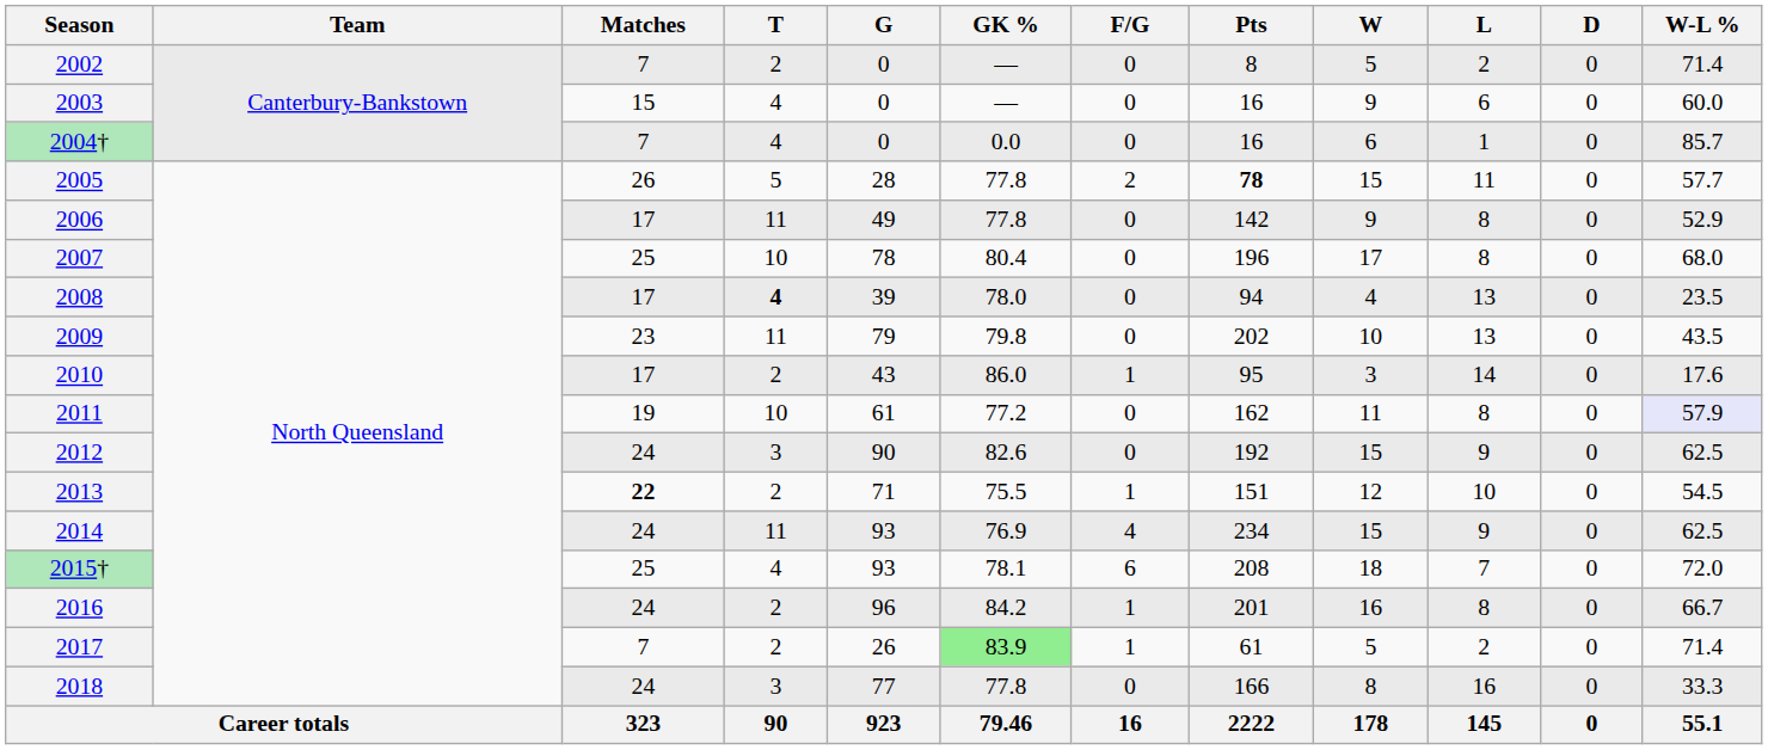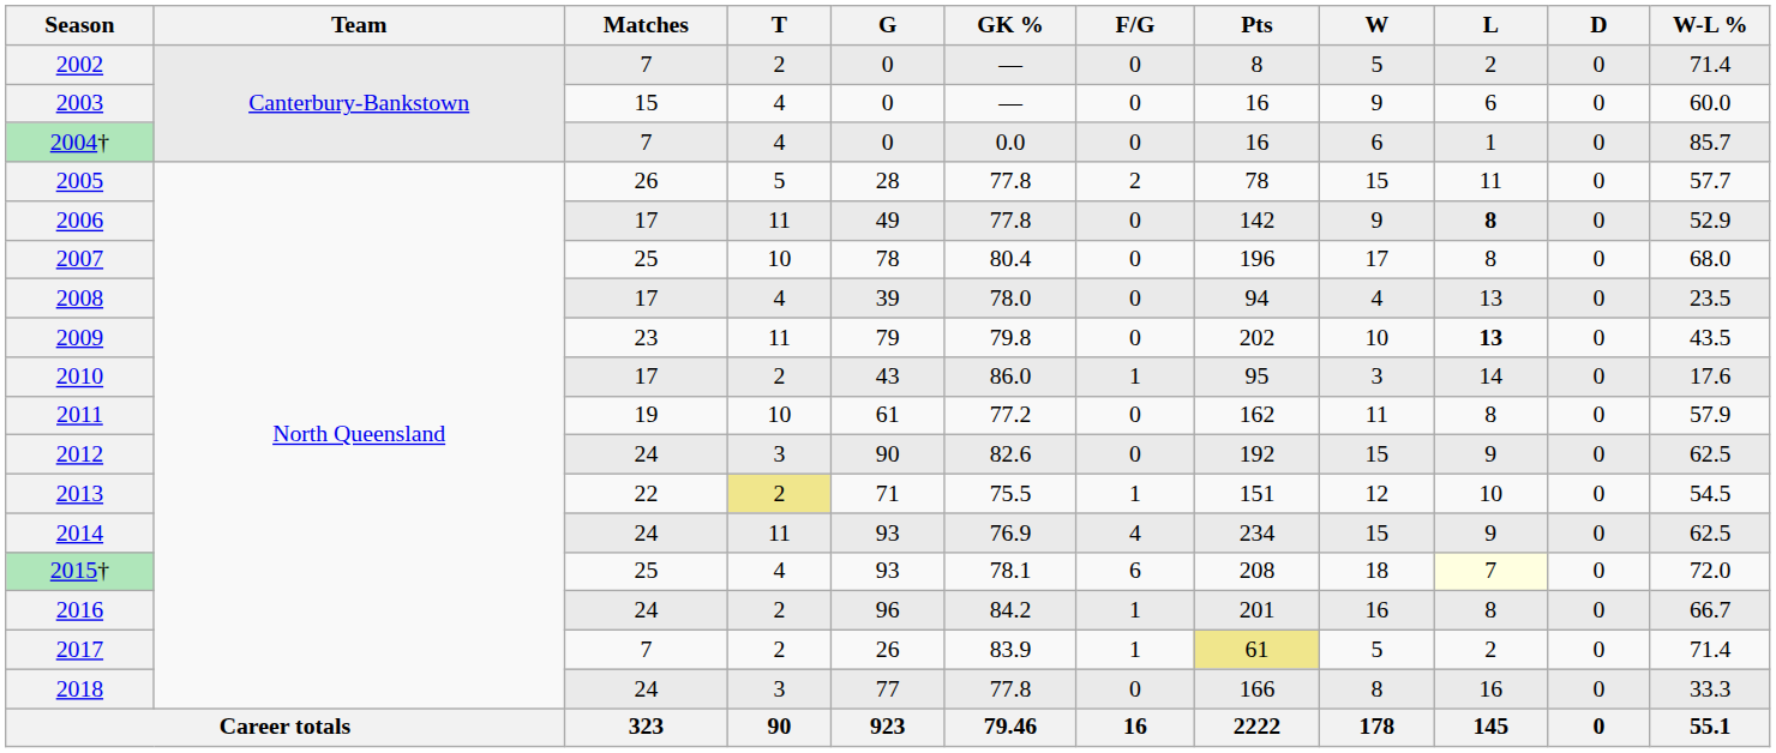 <table class="wikitable sortable"  style="font-size:90%; text-align:center; width:85%;">
 <tr>
 <th width=2%>Season</th>
 <th width=8%>Team</th>
 <th width=2%>Matches</th>
 <th width=2%>T</th>
 <th width=2%>G</th>
 <th width=2%>GK %</th>
 <th width=2%>F/G</th>
 <th width=2%>Pts</th>
 <th width=2%>W</th>
 <th width=2%>L</th>
 <th width=2%>D</th>
 <th width=2%>W-L %</th>
 </tr>
 <tr style="background:#eaeaea;">
 <th scope="row" style="text-align:center; font-weight:normal"><a href='#'>2002</a></th>
 <td rowspan="3" style="text-align:center;"> <a href='#'>Canterbury-Bankstown</a></td>
 <td>7</td>
 <td>2</td>
 <td>0</td>
 <td>—</td>
 <td>0</td>
 <td>8</td>
 <td>5</td>
 <td>2</td>
 <td>0</td>
 <td>71.4</td>
 </tr>
 <tr>
 <th scope="row" style="text-align:center; font-weight:normal"><a href='#'>2003</a></th>
 <td>15</td>
 <td>4</td>
 <td>0</td>
 <td>—</td>
 <td>0</td>
 <td>16</td>
 <td>9</td>
 <td>6</td>
 <td>0</td>
 <td>60.0</td>
 </tr>
 <tr style="background:#eaeaea;">
 <th scope="row" style="text-align:center; font-weight:normal; background:#afe6ba;"><a href='#'>2004</a>†</th>
 <td>7</td>
 <td>4</td>
 <td>0</td>
 <td>0.0</td>
 <td>0</td>
 <td>16</td>
 <td>6</td>
 <td>1</td>
 <td>0</td>
 <td>85.7</td>
 </tr>
 <tr>
 <th scope="row" style="text-align:center; font-weight:normal"><a href='#'>2005</a></th>
 <td rowspan="14" style="text-align:center;"> <a href='#'>North Queensland</a></td>
 <td>26</td>
 <td>5</td>
 <td>28</td>
 <td>77.8</td>
 <td>2</td>
-<td><strong>78</strong></td>
+<td>78</td>
 <td>15</td>
 <td>11</td>
 <td>0</td>
 <td>57.7</td>
 </tr>
 <tr style="background:#eaeaea;">
 <th scope="row" style="text-align:center; font-weight:normal"><a href='#'>2006</a></th>
 <td>17</td>
 <td>11</td>
 <td>49</td>
 <td>77.8</td>
 <td>0</td>
 <td>142</td>
 <td>9</td>
-<td>8</td>
+<td><strong>8</strong></td>
 <td>0</td>
 <td>52.9</td>
 </tr>
 <tr>
 <th scope="row" style="text-align:center; font-weight:normal"><a href='#'>2007</a></th>
 <td>25</td>
 <td>10</td>
 <td>78</td>
 <td>80.4</td>
 <td>0</td>
 <td>196</td>
 <td>17</td>
 <td>8</td>
 <td>0</td>
 <td>68.0</td>
 </tr>
 <tr style="background:#eaeaea;">
 <th scope="row" style="text-align:center; font-weight:normal"><a href='#'>2008</a></th>
 <td>17</td>
-<td><strong>4</strong></td>
+<td>4</td>
 <td>39</td>
 <td>78.0</td>
 <td>0</td>
 <td>94</td>
 <td>4</td>
 <td>13</td>
 <td>0</td>
 <td>23.5</td>
 </tr>
 <tr>
 <th scope="row" style="text-align:center; font-weight:normal"><a href='#'>2009</a></th>
 <td>23</td>
 <td>11</td>
 <td>79</td>
 <td>79.8</td>
 <td>0</td>
 <td>202</td>
 <td>10</td>
-<td>13</td>
+<td><strong>13</strong></td>
 <td>0</td>
 <td>43.5</td>
 </tr>
 <tr style="background:#eaeaea;">
 <th scope="row" style="text-align:center; font-weight:normal"><a href='#'>2010</a></th>
 <td>17</td>
 <td>2</td>
 <td>43</td>
 <td>86.0</td>
 <td>1</td>
 <td>95</td>
 <td>3</td>
 <td>14</td>
 <td>0</td>
 <td>17.6</td>
 </tr>
 <tr>
 <th scope="row" style="text-align:center; font-weight:normal"><a href='#'>2011</a></th>
 <td>19</td>
 <td>10</td>
 <td>61</td>
 <td>77.2</td>
 <td>0</td>
 <td>162</td>
 <td>11</td>
 <td>8</td>
 <td>0</td>
-<td style="background: lavender;">57.9</td>
+<td>57.9</td>
 </tr>
 <tr style="background:#eaeaea;">
 <th scope="row" style="text-align:center; font-weight:normal"><a href='#'>2012</a></th>
 <td>24</td>
 <td>3</td>
 <td>90</td>
 <td>82.6</td>
 <td>0</td>
 <td>192</td>
 <td>15</td>
 <td>9</td>
 <td>0</td>
 <td>62.5</td>
 </tr>
 <tr>
 <th scope="row" style="text-align:center; font-weight:normal"><a href='#'>2013</a></th>
-<td><strong>22</strong></td>
-<td>2</td>
+<td>22</td>
+<td style="background: khaki;">2</td>
 <td>71</td>
 <td>75.5</td>
 <td>1</td>
 <td>151</td>
 <td>12</td>
 <td>10</td>
 <td>0</td>
 <td>54.5</td>
 </tr>
 <tr style="background:#eaeaea;">
 <th scope="row" style="text-align:center; font-weight:normal"><a href='#'>2014</a></th>
 <td>24</td>
 <td>11</td>
 <td>93</td>
 <td>76.9</td>
 <td>4</td>
 <td>234</td>
 <td>15</td>
 <td>9</td>
 <td>0</td>
 <td>62.5</td>
 </tr>
 <tr>
 <th scope="row" style="text-align:center; font-weight:normal; background:#afe6ba;"><a href='#'>2015</a>†</th>
 <td>25</td>
 <td>4</td>
 <td>93</td>
 <td>78.1</td>
 <td>6</td>
 <td>208</td>
 <td>18</td>
-<td>7</td>
+<td style="background: lightyellow;">7</td>
 <td>0</td>
 <td>72.0</td>
 </tr>
 <tr style="background:#eaeaea;">
 <th scope="row" style="text-align:center; font-weight:normal"><a href='#'>2016</a></th>
 <td>24</td>
 <td>2</td>
 <td>96</td>
 <td>84.2</td>
 <td>1</td>
 <td>201</td>
 <td>16</td>
 <td>8</td>
 <td>0</td>
 <td>66.7</td>
 </tr>
 <tr>
 <th scope="row" style="text-align:center; font-weight:normal"><a href='#'>2017</a></th>
 <td>7</td>
 <td>2</td>
 <td>26</td>
-<td style="background: lightgreen;">83.9</td>
+<td>83.9</td>
 <td>1</td>
-<td>61</td>
+<td style="background: khaki;">61</td>
 <td>5</td>
 <td>2</td>
 <td>0</td>
 <td>71.4</td>
 </tr>
 <tr style="background:#eaeaea;">
 <th scope="row" style="text-align:center; font-weight:normal"><a href='#'>2018</a></th>
 <td>24</td>
 <td>3</td>
 <td>77</td>
 <td>77.8</td>
 <td>0</td>
 <td>166</td>
 <td>8</td>
 <td>16</td>
 <td>0</td>
 <td>33.3</td>
 </tr>
 <tr class="sortbottom">
 <th colspan=2>Career totals</th>
 <th>323</th>
 <th>90</th>
 <th>923</th>
 <th>79.46</th>
 <th>16</th>
 <th>2222</th>
 <th>178</th>
 <th>145</th>
 <th>0</th>
 <th>55.1</th>
 </tr>
 </table>
